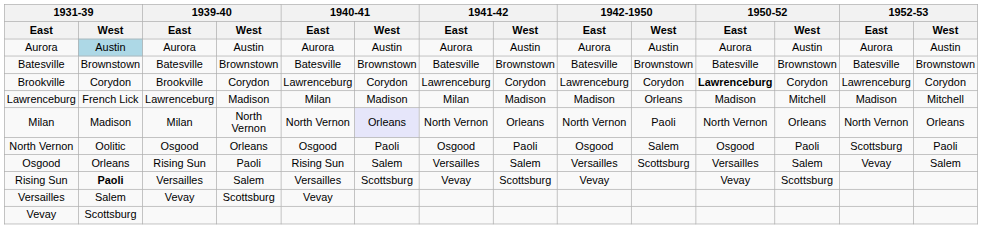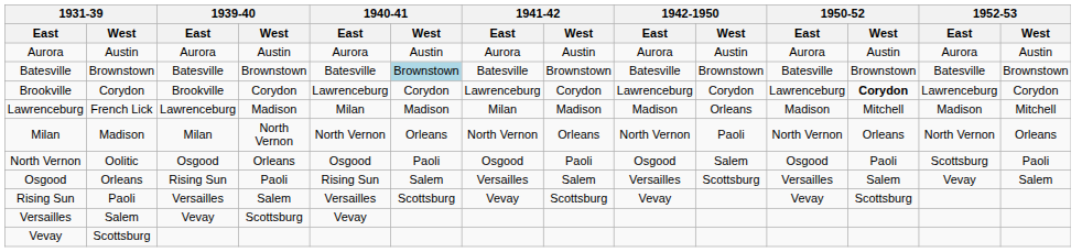 <table class="wikitable" style="text-align:center;">
 <tr>
 <th colspan="2">1931-39</th>
 <th colspan="2">1939-40</th>
 <th colspan="2">1940-41</th>
 <th colspan="2">1941-42</th>
 <th colspan="2">1942-1950</th>
 <th colspan="2">1950-52</th>
 <th colspan="2">1952-53</th>
 </tr>
 <tr>
 <th>East</th>
 <th>West</th>
 <th>East</th>
 <th>West</th>
 <th>East</th>
 <th>West</th>
 <th>East</th>
 <th>West</th>
 <th>East</th>
 <th>West</th>
 <th>East</th>
 <th>West</th>
 <th>East</th>
 <th>West</th>
 </tr>
 <tr>
 <td>Aurora</td>
-<td style="background: lightblue;">Austin</td>
+<td>Austin</td>
 <td>Aurora</td>
 <td>Austin</td>
 <td>Aurora</td>
 <td>Austin</td>
 <td>Aurora</td>
 <td>Austin</td>
 <td>Aurora</td>
 <td>Austin</td>
 <td>Aurora</td>
 <td>Austin</td>
 <td>Aurora</td>
 <td>Austin</td>
 </tr>
 <tr>
 <td>Batesville</td>
 <td>Brownstown</td>
 <td>Batesville</td>
 <td>Brownstown</td>
 <td>Batesville</td>
-<td>Brownstown</td>
+<td style="background: lightblue;">Brownstown</td>
 <td>Batesville</td>
 <td>Brownstown</td>
 <td>Batesville</td>
 <td>Brownstown</td>
 <td>Batesville</td>
 <td>Brownstown</td>
 <td>Batesville</td>
 <td>Brownstown</td>
 </tr>
 <tr>
 <td>Brookville</td>
 <td>Corydon</td>
 <td>Brookville</td>
 <td>Corydon</td>
 <td>Lawrenceburg</td>
 <td>Corydon</td>
 <td>Lawrenceburg</td>
 <td>Corydon</td>
 <td>Lawrenceburg</td>
 <td>Corydon</td>
-<td><strong>Lawrenceburg</strong></td>
-<td>Corydon</td>
+<td>Lawrenceburg</td>
+<td><strong>Corydon</strong></td>
 <td>Lawrenceburg</td>
 <td>Corydon</td>
 </tr>
 <tr>
 <td>Lawrenceburg</td>
 <td>French Lick</td>
 <td>Lawrenceburg</td>
 <td>Madison</td>
 <td>Milan</td>
 <td>Madison</td>
 <td>Milan</td>
 <td>Madison</td>
 <td>Madison</td>
 <td>Orleans</td>
 <td>Madison</td>
 <td>Mitchell</td>
 <td>Madison</td>
 <td>Mitchell</td>
 </tr>
 <tr>
 <td>Milan</td>
 <td>Madison</td>
 <td>Milan</td>
 <td>North Vernon</td>
 <td>North Vernon</td>
-<td style="background: lavender;">Orleans</td>
+<td>Orleans</td>
 <td>North Vernon</td>
 <td>Orleans</td>
 <td>North Vernon</td>
 <td>Paoli</td>
 <td>North Vernon</td>
 <td>Orleans</td>
 <td>North Vernon</td>
 <td>Orleans</td>
 </tr>
 <tr>
 <td>North Vernon</td>
 <td>Oolitic</td>
 <td>Osgood</td>
 <td>Orleans</td>
 <td>Osgood</td>
 <td>Paoli</td>
 <td>Osgood</td>
 <td>Paoli</td>
 <td>Osgood</td>
 <td>Salem</td>
 <td>Osgood</td>
 <td>Paoli</td>
 <td>Scottsburg</td>
 <td>Paoli</td>
 </tr>
 <tr>
 <td>Osgood</td>
 <td>Orleans</td>
 <td>Rising Sun</td>
 <td>Paoli</td>
 <td>Rising Sun</td>
 <td>Salem</td>
 <td>Versailles</td>
 <td>Salem</td>
 <td>Versailles</td>
 <td>Scottsburg</td>
 <td>Versailles</td>
 <td>Salem</td>
 <td>Vevay</td>
 <td>Salem</td>
 </tr>
 <tr>
 <td>Rising Sun</td>
-<td><strong>Paoli</strong></td>
+<td>Paoli</td>
 <td>Versailles</td>
 <td>Salem</td>
 <td>Versailles</td>
 <td>Scottsburg</td>
 <td>Vevay</td>
 <td>Scottsburg</td>
 <td>Vevay</td>
 <td></td>
 <td>Vevay</td>
 <td>Scottsburg</td>
 <td></td>
 <td></td>
 </tr>
 <tr>
 <td>Versailles</td>
 <td>Salem</td>
 <td>Vevay</td>
 <td>Scottsburg</td>
 <td>Vevay</td>
 <td></td>
 <td></td>
 <td></td>
 <td></td>
 <td></td>
 <td></td>
 <td></td>
 <td></td>
 <td></td>
 </tr>
 <tr>
 <td>Vevay</td>
 <td>Scottsburg</td>
 <td></td>
 <td></td>
 <td></td>
 <td></td>
 <td></td>
 <td></td>
 <td></td>
 <td></td>
 <td></td>
 <td></td>
 <td></td>
 <td></td>
 </tr>
 </table>
